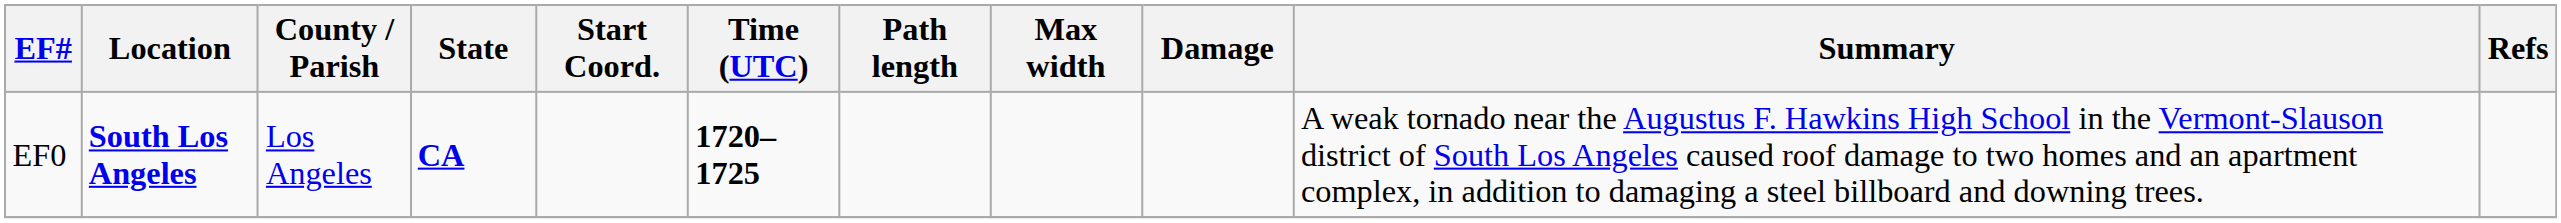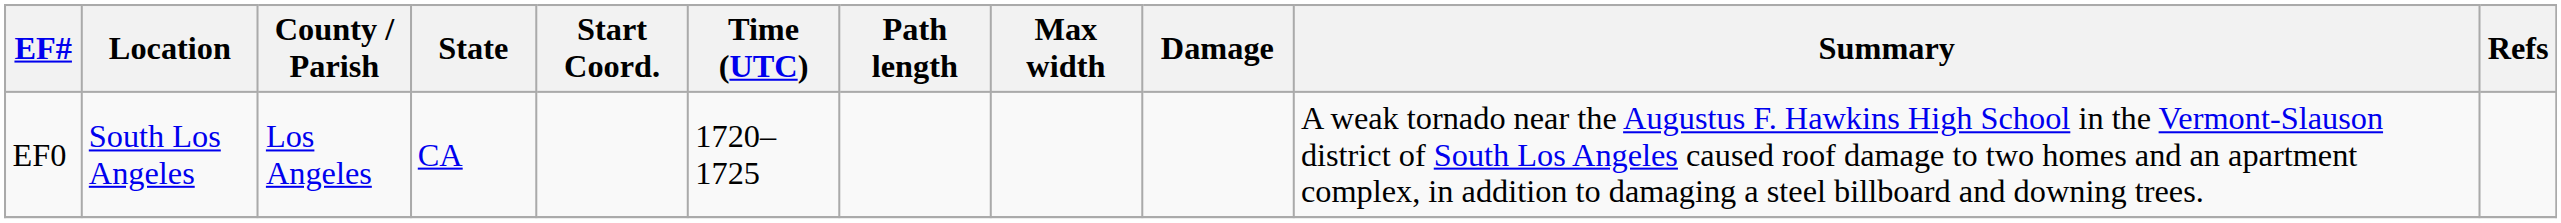 <table class="wikitable sortable" style="width:100%;">
 <tr>
 <th scope="col" width="3%" align="center"><a href='#'>EF#</a></th>
 <th scope="col" width="7%" align="center" class="unsortable">Location</th>
 <th scope="col" width="6%" align="center" class="unsortable">County / Parish</th>
 <th scope="col" width="5%" align="center">State</th>
 <th scope="col" width="6%" align="center">Start Coord.</th>
 <th scope="col" width="6%" align="center">Time (<a href='#'>UTC</a>)</th>
 <th scope="col" width="6%" align="center">Path length</th>
 <th scope="col" width="6%" align="center">Max width</th>
 <th scope="col" width="6%" align="center">Damage</th>
 <th scope="col" width="48%" class="unsortable" align="center">Summary</th>
 <th scope="col" width="48%" class="unsortable" align="center">Refs</th>
 </tr>
 <tr>
 <td>EF0</td>
-<td><strong><a href='#'>South Los Angeles</a></strong></td>
+<td><a href='#'>South Los Angeles</a></td>
 <td><a href='#'>Los Angeles</a></td>
-<td><strong><a href='#'>CA</a></strong></td>
+<td><a href='#'>CA</a></td>
 <td></td>
-<td><strong>1720–1725</strong></td>
+<td>1720–1725</td>
 <td></td>
 <td></td>
 <td></td>
 <td>A weak tornado near the <a href='#'>Augustus F. Hawkins High School</a> in the <a href='#'>Vermont-Slauson</a> district of <a href='#'>South Los Angeles</a> caused roof damage to two homes and an apartment complex, in addition to damaging a steel billboard and downing trees.</td>
 <td></td>
 </tr>
 <tr>
 </tr>
 </table>
